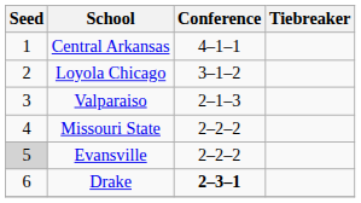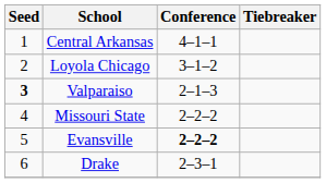 <table class="wikitable" style="text-align:center">
 <tr>
 <th>Seed</th>
 <th>School</th>
 <th>Conference</th>
 <th>Tiebreaker</th>
 </tr>
 <tr>
 <td>1</td>
 <td><a href='#'>Central Arkansas</a></td>
 <td>4–1–1</td>
 <td></td>
 </tr>
 <tr>
 <td>2</td>
 <td><a href='#'>Loyola Chicago</a></td>
 <td>3–1–2</td>
 <td></td>
 </tr>
 <tr>
-<td>3</td>
+<td><strong>3</strong></td>
 <td><a href='#'>Valparaiso</a></td>
 <td>2–1–3</td>
 <td></td>
 </tr>
 <tr>
 <td>4</td>
 <td><a href='#'>Missouri State</a></td>
 <td>2–2–2</td>
 <td></td>
 </tr>
 <tr>
-<td style="background: lightgrey;">5</td>
+<td>5</td>
 <td><a href='#'>Evansville</a></td>
-<td>2–2–2</td>
+<td><strong>2–2–2</strong></td>
 <td></td>
 </tr>
 <tr>
 <td>6</td>
 <td><a href='#'>Drake</a></td>
-<td><strong>2–3–1</strong></td>
+<td>2–3–1</td>
 <td></td>
 </tr>
 <tr>
 </tr>
 </table>
